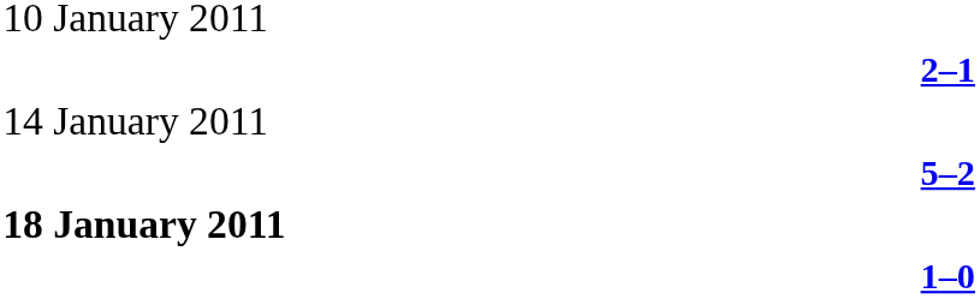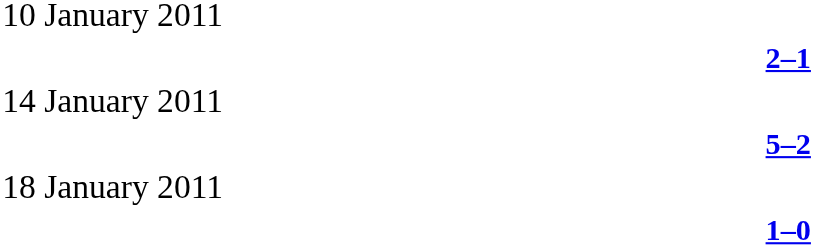 <table style="width:70%;" cellspacing="1">
 <tr>
 <th width=35%></th>
 <th width=15%></th>
 <th></th>
 </tr>
 <tr>
 <td>10 January 2011</td>
 </tr>
 <tr style=font-size:90%>
 <td align=right><strong></strong></td>
 <td align=center><strong><a href='#'>2–1</a></strong></td>
 <td><strong></strong></td>
 </tr>
 <tr>
 <td>14 January 2011</td>
 </tr>
 <tr style=font-size:90%>
 <td align=right><strong></strong></td>
 <td align=center><strong><a href='#'>5–2</a></strong></td>
 <td><strong></strong></td>
 </tr>
 <tr>
-<td><strong>18 January 2011</strong></td>
+<td>18 January 2011</td>
 </tr>
 <tr style=font-size:90%>
 <td align=right><strong></strong></td>
 <td align=center><strong><a href='#'>1–0</a></strong></td>
 <td><strong></strong></td>
 </tr>
 </table>
